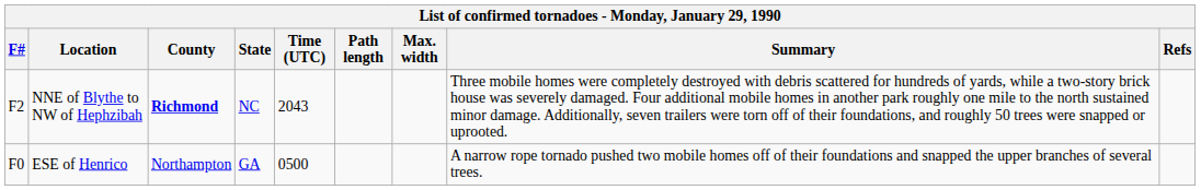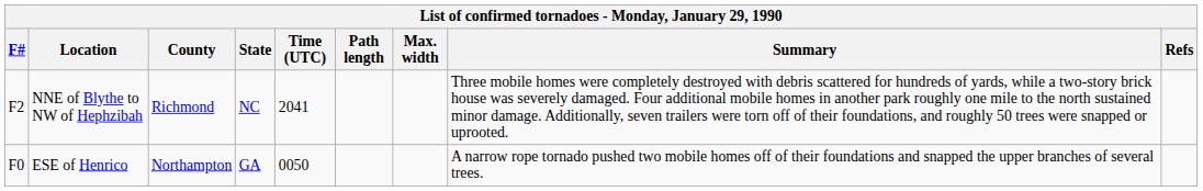 <table class="wikitable collapsible" width="100%">
 <tr>
 <th colspan="9">List of confirmed tornadoes - Monday, January 29, 1990</th>
 </tr>
 <tr>
 <th><a href='#'>F#</a></th>
 <th>Location</th>
 <th>County</th>
 <th>State</th>
 <th>Time (UTC)</th>
 <th>Path length</th>
 <th>Max. width</th>
 <th>Summary</th>
 <th>Refs</th>
 </tr>
 <tr>
 <td>F2</td>
 <td>NNE of <a href='#'>Blythe</a> to NW of <a href='#'>Hephzibah</a></td>
-<td><strong><a href='#'>Richmond</a></strong></td>
+<td><a href='#'>Richmond</a></td>
 <td><a href='#'>NC</a></td>
-<td>2043</td>
+<td>2041</td>
 <td></td>
 <td></td>
 <td>Three mobile homes were completely destroyed with debris scattered for hundreds of yards, while a two-story brick house was severely damaged. Four additional mobile homes in another park roughly one mile to the north sustained minor damage. Additionally, seven trailers were torn off of their foundations, and roughly 50 trees were snapped or uprooted.</td>
 <td></td>
 </tr>
 <tr>
 <td>F0</td>
 <td>ESE of <a href='#'>Henrico</a></td>
 <td><a href='#'>Northampton</a></td>
 <td><a href='#'>GA</a></td>
-<td>0500</td>
+<td>0050</td>
 <td></td>
 <td></td>
 <td>A narrow rope tornado pushed two mobile homes off of their foundations and snapped the upper branches of several trees.</td>
 <td></td>
 </tr>
 </table>
